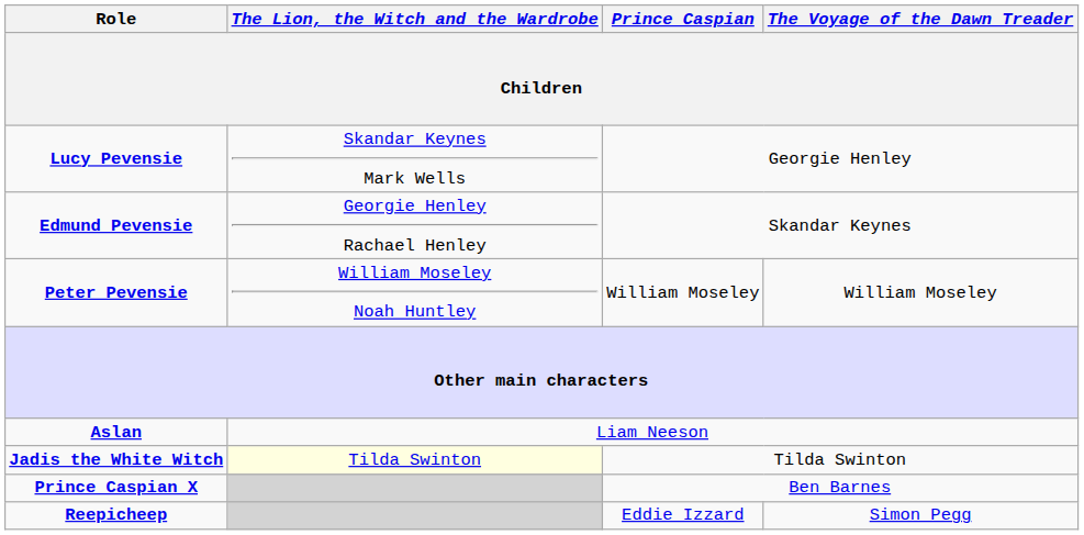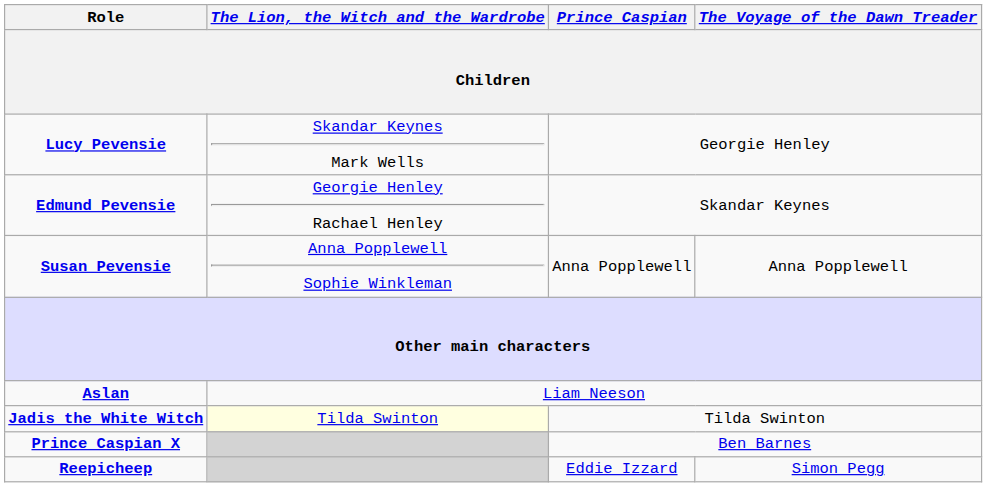 <table class="wikitable plainrowheaders" style="text-align:center;">
 <tr>
 <th>Role</th>
 <th><a href='#'><em>The Lion, the Witch and the Wardrobe</em></a></th>
 <th><a href='#'><em>Prince Caspian</em></a></th>
 <th><a href='#'><em>The Voyage of the Dawn Treader</em></a></th>
 </tr>
 <tr>
 <th colspan="4"><br><h4>Children</h4></th>
 </tr>
 <tr>
 <td><strong><a href='#'>Lucy Pevensie</a></strong></td>
 <td><a href='#'>Skandar Keynes</a><hr>Mark Wells</td>
 <td colspan="2">Georgie Henley</td>
 </tr>
 <tr>
 <td><strong><a href='#'>Edmund Pevensie</a></strong></td>
 <td><a href='#'>Georgie Henley</a><hr>Rachael Henley</td>
 <td colspan="2">Skandar Keynes</td>
 </tr>
 <tr>
-<td><strong><a href='#'>Peter Pevensie</a></strong></td>
-<td><a href='#'>William Moseley</a><hr><a href='#'>Noah Huntley</a></td>
-<td>William Moseley</td>
-<td>William Moseley</td>
+<td><strong><a href='#'>Susan Pevensie</a></strong></td>
+<td><a href='#'>Anna Popplewell</a><hr><a href='#'>Sophie Winkleman</a></td>
+<td>Anna Popplewell</td>
+<td>Anna Popplewell</td>
 </tr>
 <tr>
 <th colspan="4" style="background-color:#ddf;"><br><h4>Other main characters</h4></th>
 </tr>
 <tr>
 <td><strong><a href='#'>Aslan</a></strong></td>
 <td colspan="3"><a href='#'>Liam Neeson</a></td>
 </tr>
 <tr>
 <td><strong><a href='#'>Jadis the White Witch</a></strong></td>
 <td style="background: lightyellow;"><a href='#'>Tilda Swinton</a></td>
 <td colspan="2">Tilda Swinton</td>
 </tr>
 <tr>
 <td><a href='#'><strong>Prince Caspian X</strong></a></td>
 <td style="background:#d3d3d3;"></td>
 <td colspan="2"><a href='#'>Ben Barnes</a></td>
 </tr>
 <tr>
 <td><strong><a href='#'>Reepicheep</a></strong></td>
 <td style="background:#d3d3d3;"></td>
 <td><a href='#'>Eddie Izzard</a></td>
 <td><a href='#'>Simon Pegg</a></td>
 </tr>
 </table>
